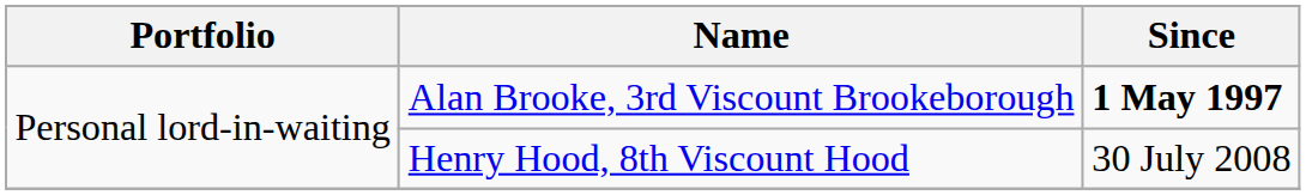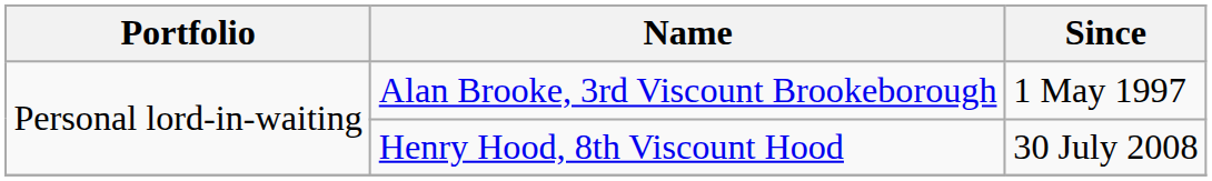 <table class="wikitable">
 <tr>
 <th>Portfolio</th>
 <th>Name</th>
 <th>Since</th>
 </tr>
 <tr>
 <td rowspan=2>Personal lord-in-waiting</td>
 <td><a href='#'>Alan Brooke, 3rd Viscount Brookeborough</a></td>
-<td><strong>1 May 1997</strong></td>
+<td>1 May 1997</td>
 </tr>
 <tr>
 <td><a href='#'>Henry Hood, 8th Viscount Hood</a></td>
 <td>30 July 2008</td>
 </tr>
 <tr>
 </tr>
 </table>
